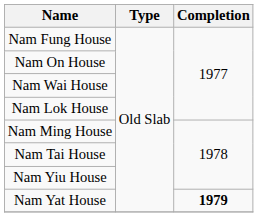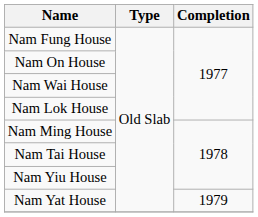 <table class="wikitable" style="text-align: center">
 <tr>
 <th>Name</th>
 <th>Type</th>
 <th>Completion</th>
 </tr>
 <tr>
 <td>Nam Fung House</td>
 <td rowspan="8">Old Slab</td>
 <td rowspan="4">1977</td>
 </tr>
 <tr>
 <td>Nam On House</td>
 </tr>
 <tr>
 <td>Nam Wai House</td>
 </tr>
 <tr>
 <td>Nam Lok House</td>
 </tr>
 <tr>
 <td>Nam Ming House</td>
 <td rowspan="3">1978</td>
 </tr>
 <tr>
 <td>Nam Tai House</td>
 </tr>
 <tr>
 <td>Nam Yiu House</td>
 </tr>
 <tr>
 <td>Nam Yat House</td>
-<td><strong>1979</strong></td>
+<td>1979</td>
 </tr>
 <tr>
 </tr>
 </table>
